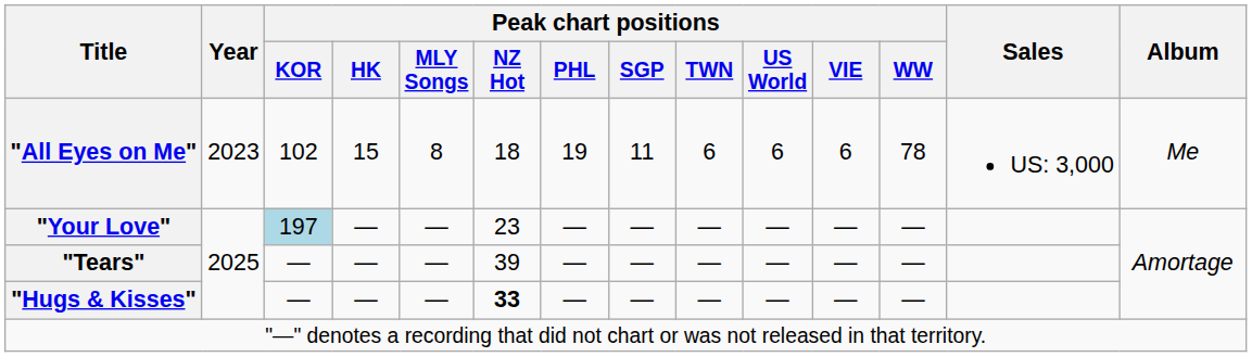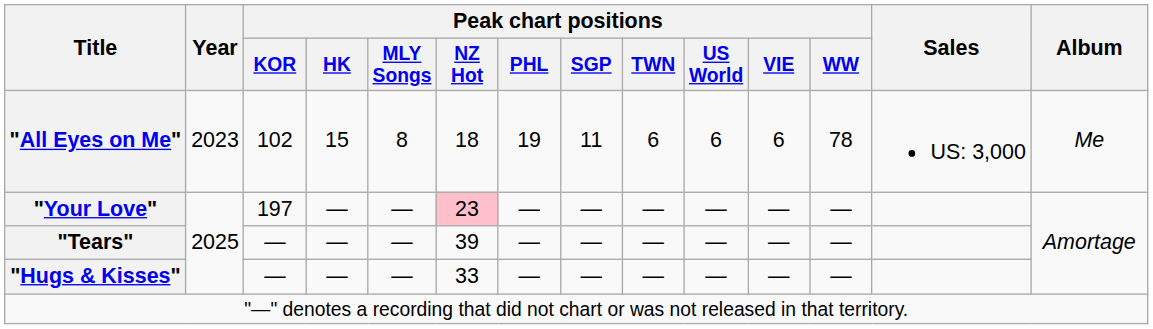 <table class="wikitable plainrowheaders" style="text-align:center">
 <tr>
 <th scope="col" rowspan="2">Title</th>
 <th scope="col" rowspan="2">Year</th>
 <th scope="col" colspan="10">Peak chart positions</th>
 <th scope="col" rowspan="2">Sales</th>
 <th scope="col" rowspan="2" style="width:5em">Album</th>
 </tr>
 <tr>
 <th scope="col" style="width:2.75em;font-size:90%"><a href='#'>KOR</a><br></th>
 <th scope="col" style="width:2.75em;font-size:90%"><a href='#'>HK</a><br></th>
 <th scope="col" style="width:2.75em;font-size:90%"><a href='#'>MLY<br>Songs</a><br></th>
 <th scope="col" style="width:2.75em;font-size:90%"><a href='#'>NZ<br>Hot</a><br></th>
 <th scope="col" style="width:2.75em;font-size:90%"><a href='#'>PHL</a><br></th>
 <th scope="col" style="width:2.75em;font-size:90%"><a href='#'>SGP</a><br></th>
 <th scope="col" style="width:2.75em;font-size:90%"><a href='#'>TWN</a><br></th>
 <th scope="col" style="width:2.75em;font-size:90%"><a href='#'>US<br>World</a><br></th>
 <th scope="col" style="width:2.75em;font-size:90%"><a href='#'>VIE</a><br></th>
 <th scope="col" style="width:2.75em;font-size:90%"><a href='#'>WW</a><br></th>
 </tr>
 <tr>
 <th scope="row">"<a href='#'>All Eyes on Me</a>"</th>
 <td>2023</td>
 <td>102</td>
 <td>15</td>
 <td>8</td>
 <td>18</td>
 <td>19</td>
 <td>11</td>
 <td>6</td>
 <td>6</td>
 <td>6</td>
 <td>78</td>
 <td><br><ul><li>US: 3,000</li></ul></td>
 <td><em>Me</em></td>
 </tr>
 <tr>
 <th scope="row">"<a href='#'>Your Love</a>"</th>
 <td rowspan="3">2025</td>
-<td style="background: lightblue;">197</td>
+<td>197</td>
 <td>—</td>
 <td>—</td>
-<td>23</td>
+<td style="background: pink;">23</td>
 <td>—</td>
 <td>—</td>
 <td>—</td>
 <td>—</td>
 <td>—</td>
 <td>—</td>
 <td></td>
 <td rowspan="3"><em>Amortage</em></td>
 </tr>
 <tr>
 <th scope="row">"Tears"</th>
 <td>—</td>
 <td>—</td>
 <td>—</td>
 <td>39</td>
 <td>—</td>
 <td>—</td>
 <td>—</td>
 <td>—</td>
 <td>—</td>
 <td>—</td>
 <td></td>
 </tr>
 <tr>
 <th scope="row">"<a href='#'>Hugs & Kisses</a>"</th>
 <td>—</td>
 <td>—</td>
 <td>—</td>
-<td><strong>33</strong></td>
+<td>33</td>
 <td>—</td>
 <td>—</td>
 <td>—</td>
 <td>—</td>
 <td>—</td>
 <td>—</td>
 <td></td>
 </tr>
 <tr>
 <td colspan="14" style="font-size:90%">"—" denotes a recording that did not chart or was not released in that territory.</td>
 </tr>
 </table>
